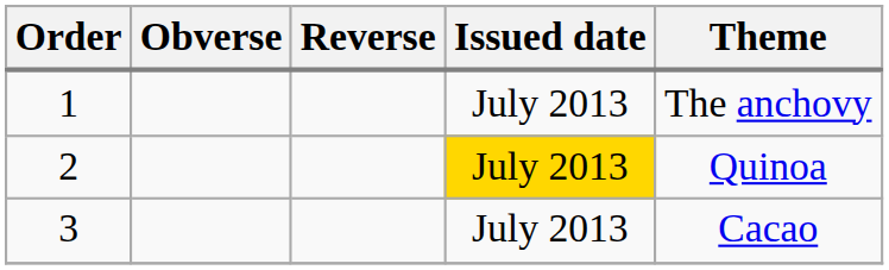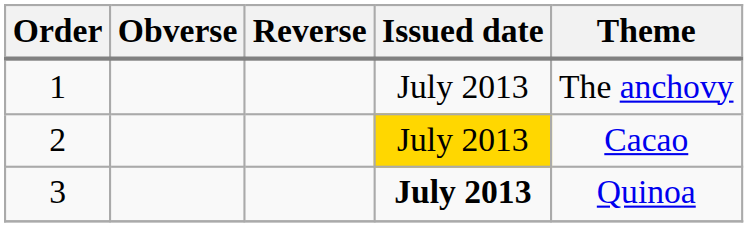 <table class="wikitable" border="1">
 <tr style="text-align:center; border-bottom:2px solid gray;">
 <th>Order</th>
 <th>Obverse</th>
 <th>Reverse</th>
 <th>Issued date</th>
 <th>Theme</th>
 </tr>
 <tr style="text-align:center;">
 <td>1</td>
 <td></td>
 <td></td>
 <td>July 2013</td>
 <td>The <a href='#'>anchovy</a></td>
 </tr>
 <tr style="text-align:center;">
 <td>2</td>
 <td></td>
 <td></td>
 <td style="background: gold;">July 2013</td>
-<td><a href='#'>Quinoa</a></td>
+<td><a href='#'>Cacao</a></td>
 </tr>
 <tr style="text-align:center;">
 <td>3</td>
 <td></td>
 <td></td>
-<td>July 2013</td>
-<td><a href='#'>Cacao</a></td>
+<td><strong>July 2013</strong></td>
+<td><a href='#'>Quinoa</a></td>
 </tr>
 <tr>
 </tr>
 </table>
